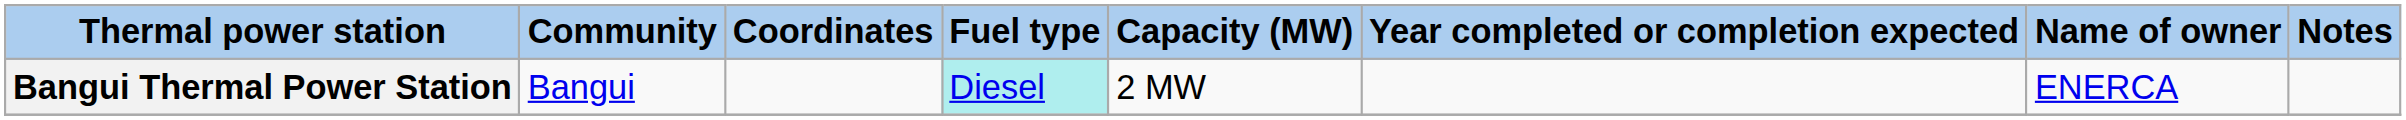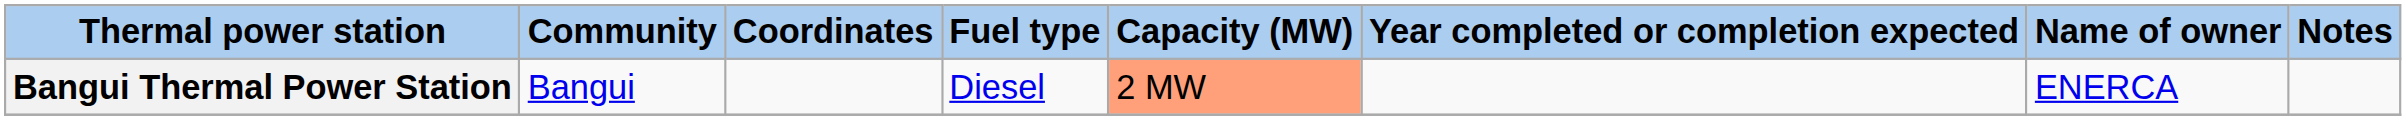 <table class="wikitable sortable">
 <tr>
 <th style="background-color:#ABCDEF;">Thermal power station</th>
 <th style="background-color:#ABCDEF;">Community</th>
 <th style="background-color:#ABCDEF;">Coordinates</th>
 <th style="background-color:#ABCDEF;">Fuel type</th>
 <th style="background-color:#ABCDEF;">Capacity (MW)</th>
 <th style="background-color:#ABCDEF;">Year completed or completion expected</th>
 <th style="background-color:#ABCDEF;">Name of owner</th>
 <th style="background-color:#ABCDEF;">Notes</th>
 </tr>
 <tr>
 <th>Bangui Thermal Power Station</th>
 <td><a href='#'>Bangui</a></td>
 <td></td>
-<td style="background: paleturquoise;"><a href='#'>Diesel</a></td>
-<td>2 MW</td>
+<td><a href='#'>Diesel</a></td>
+<td style="background: lightsalmon;">2 MW</td>
 <td></td>
 <td><a href='#'>ENERCA</a></td>
 <td></td>
 </tr>
 <tr>
 </tr>
 </table>
